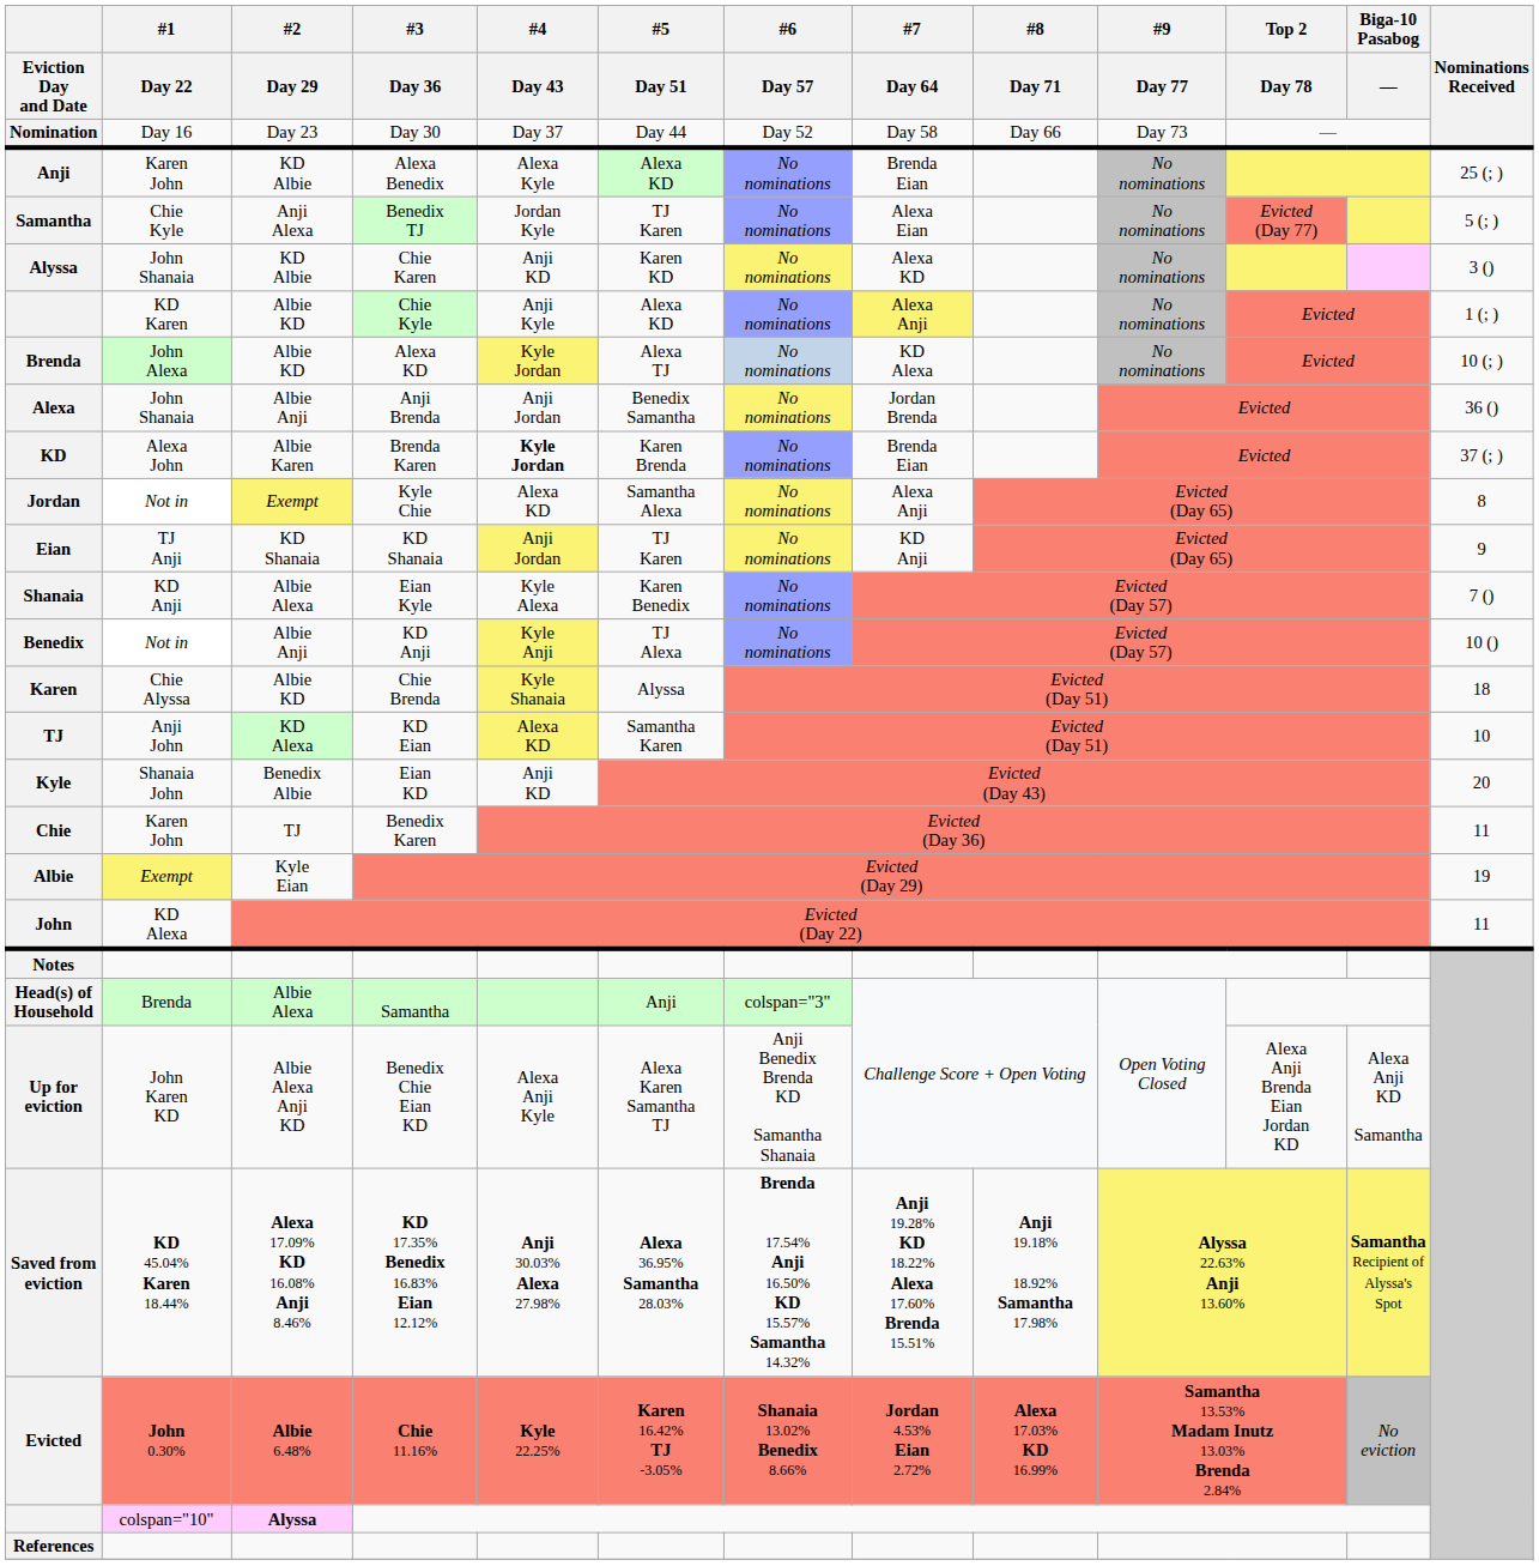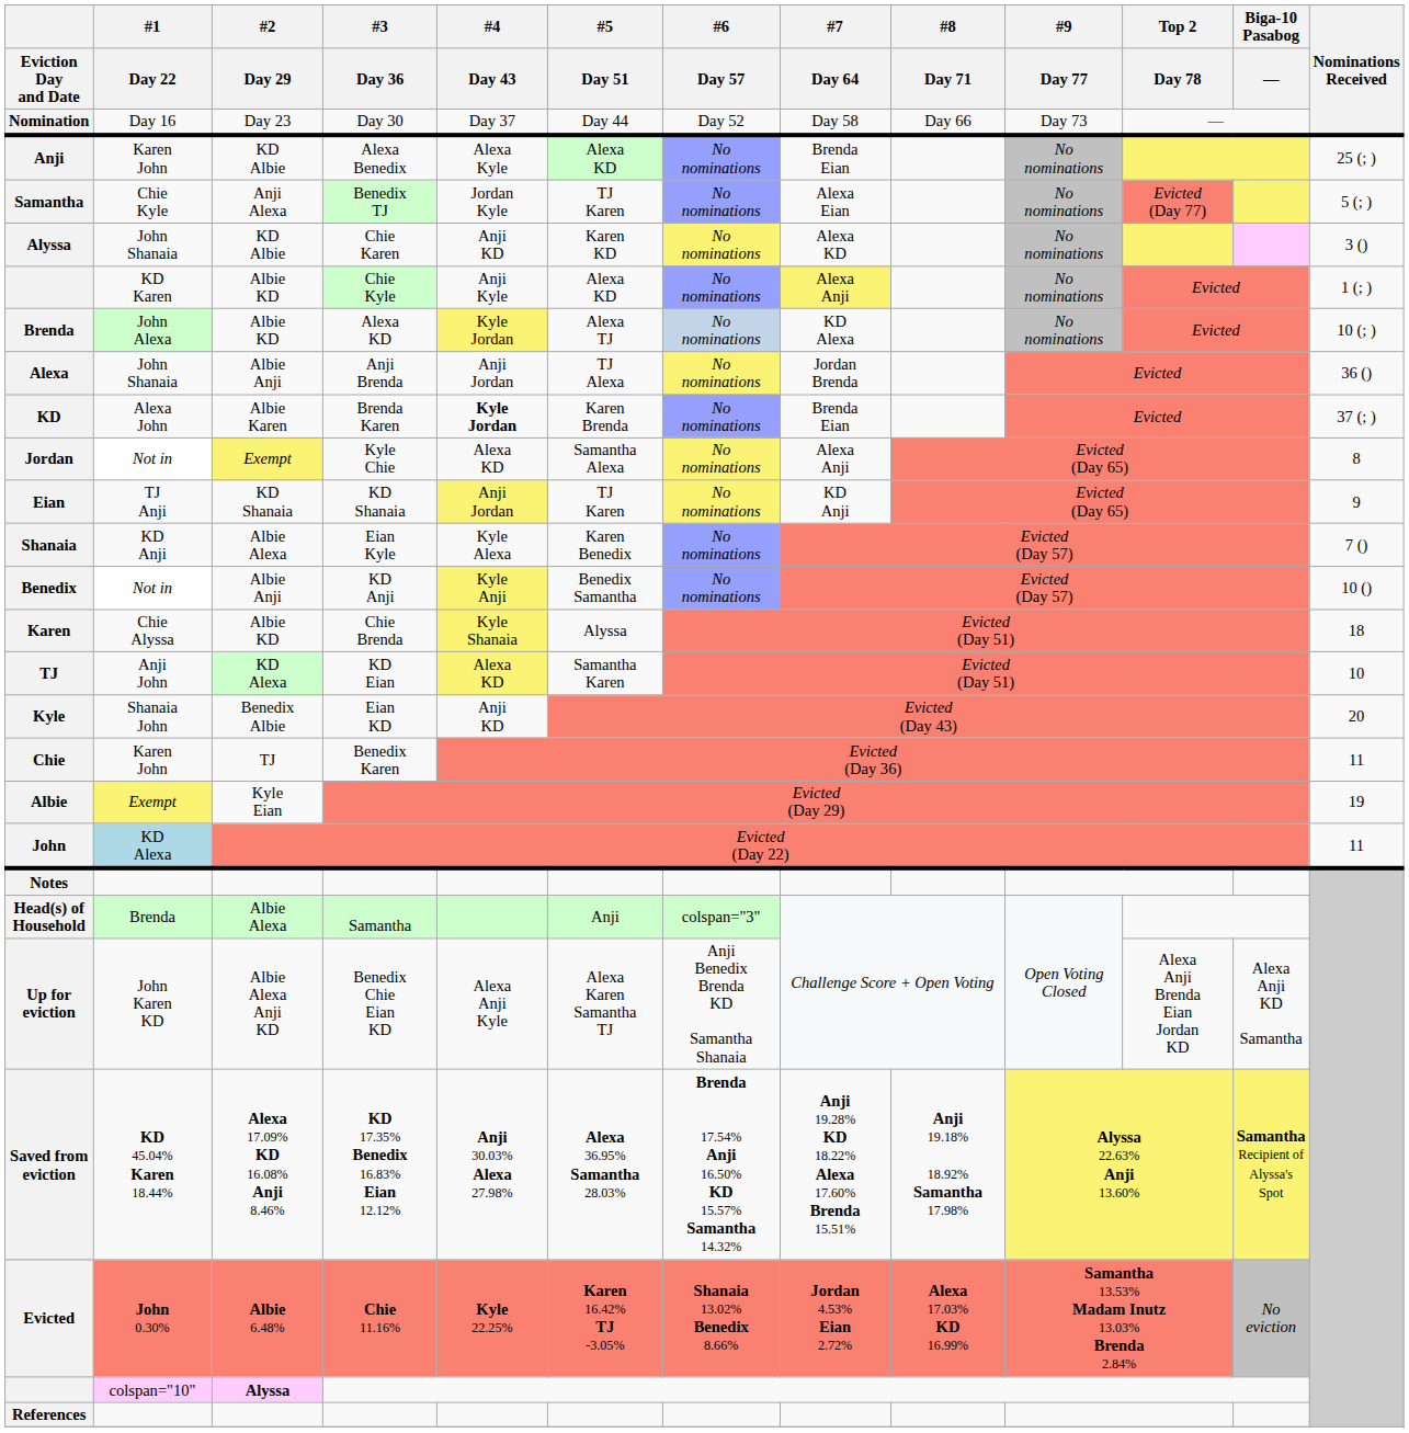 <table class="wikitable" style="width:100%; text-align:center; font-size:90%; line-height:16px;">
 <tr>
 <th width="5%"></th>
 <th width="9%">#1</th>
 <th width="9%">#2</th>
 <th width="9%">#3</th>
 <th width="9%">#4</th>
 <th width="9%">#5</th>
 <th width="9%">#6</th>
 <th width="9%">#7</th>
 <th width="9%">#8</th>
 <th width="9%">#9</th>
 <th width="9%">Top 2</th>
 <th>Biga-10 Pasabog</th>
 <th width="5%" rowspan="3">Nominations<br>Received</th>
 </tr>
 <tr>
 <th>Eviction Day<br>and Date</th>
 <th>Day 22<br><small></small></th>
 <th>Day 29<br><small></small></th>
 <th>Day 36<br><small></small></th>
 <th>Day 43<br><small></small></th>
 <th>Day 51<br><small></small></th>
 <th>Day 57<br><small></small></th>
 <th>Day 64<br><small></small></th>
 <th>Day 71<br><small></small></th>
 <th>Day 77<br><small></small></th>
 <th>Day 78<br><small></small></th>
 <th>—</th>
 </tr>
 <tr>
 <th>Nomination <br></th>
 <td>Day 16<br><small></small></td>
 <td>Day 23<br><small></small></td>
 <td>Day 30<br><small></small></td>
 <td>Day 37<br><small></small></td>
 <td>Day 44<br><small></small></td>
 <td>Day 52<br><small></small></td>
 <td>Day 58<br><small></small></td>
 <td>Day 66<br><small></small></td>
 <td>Day 73<br><small></small></td>
 <td colspan="2">—</td>
 </tr>
 <tr style="border-top: 4px solid;">
 <th>Anji</th>
 <td>Karen<br>John</td>
 <td>KD<br>Albie</td>
 <td>Alexa<br>Benedix</td>
 <td>Alexa<br>Kyle</td>
 <td style="background:#CCFFCC;">Alexa<br>KD</td>
 <td style="background:#959FFD;"><em>No<br>nominations</em></td>
 <td>Brenda<br>Eian</td>
 <td><br></td>
 <td style="background:#C0C0C0;"><em>No<br>nominations</em></td>
 <td colspan="2" style="background:#FBF373;"><strong></strong><br></td>
 <td>25 (; )</td>
 </tr>
 <tr>
 <th>Samantha</th>
 <td>Chie<br>Kyle</td>
 <td>Anji<br>Alexa</td>
 <td style="background:#CCFFCC;">Benedix<br>TJ</td>
 <td>Jordan<br>Kyle</td>
 <td>TJ<br>Karen</td>
 <td style="background:#959FFD;"><em>No<br>nominations</em></td>
 <td>Alexa<br>Eian</td>
 <td><br></td>
 <td style="background:#C0C0C0;"><em>No<br>nominations</em></td>
 <td style="background:#FA8072;"><em>Evicted</em><br>(Day 77)</td>
 <td style="background:#FBF373;"><strong></strong><br></td>
 <td>5 (; )</td>
 </tr>
 <tr>
 <th>Alyssa</th>
 <td>John<br>Shanaia</td>
 <td>KD<br>Albie</td>
 <td>Chie<br>Karen</td>
 <td>Anji<br>KD</td>
 <td>Karen<br>KD</td>
 <td style="background:#FBF373;"><em>No<br>nominations</em></td>
 <td>Alexa<br>KD</td>
 <td><br></td>
 <td style="background:#C0C0C0;"><em>No<br>nominations</em></td>
 <td style="background:#FBF373;"><strong></strong><br></td>
 <td style="background:#FFCCFF;"><em></em><br></td>
 <td>3 ()</td>
 </tr>
 <tr>
 <th></th>
 <td>KD<br>Karen</td>
 <td>Albie<br>KD</td>
 <td style="background:#CCFFCC;">Chie<br>Kyle</td>
 <td>Anji<br>Kyle</td>
 <td>Alexa<br>KD</td>
 <td style="background:#959FFD;"><em>No<br>nominations</em></td>
 <td style="background:#FBF373;">Alexa<br>Anji</td>
 <td><br></td>
 <td style="background:#C0C0C0;"><em>No<br>nominations</em></td>
 <td colspan="2" style="background:#FA8072"><em>Evicted</em><br></td>
 <td>1 (; )</td>
 </tr>
 <tr>
 <th>Brenda</th>
 <td style="background:#CCFFCC;">John<br>Alexa</td>
 <td>Albie<br>KD</td>
 <td>Alexa<br>KD</td>
 <td style="background:#FBF373;">Kyle<br>Jordan</td>
 <td>Alexa<br>TJ</td>
 <td style="background:#C2D5E8;"><em>No<br>nominations</em></td>
 <td>KD<br>Alexa</td>
 <td><br></td>
 <td style="background:#C0C0C0;"><em>No<br>nominations</em></td>
 <td colspan="2" style="background:#FA8072"><em>Evicted</em><br></td>
 <td>10 (; )</td>
 </tr>
 <tr>
 <th>Alexa</th>
 <td>John<br>Shanaia</td>
 <td>Albie<br>Anji</td>
 <td>Anji<br>Brenda</td>
 <td>Anji<br>Jordan</td>
-<td>Benedix<br>Samantha</td>
+<td>TJ<br>Alexa</td>
 <td style="background:#FBF373;"><em>No<br>nominations</em></td>
 <td>Jordan<br>Brenda</td>
 <td><br></td>
 <td colspan="3" style="background:#FA8072"><em>Evicted</em><br></td>
 <td>36 ()</td>
 </tr>
 <tr>
 <th>KD</th>
 <td>Alexa<br>John</td>
 <td>Albie<br>Karen</td>
 <td>Brenda<br>Karen</td>
 <td><strong>Kyle<br>Jordan</strong></td>
 <td>Karen<br>Brenda</td>
 <td style="background:#959FFD;"><em>No<br>nominations</em></td>
 <td>Brenda<br>Eian</td>
 <td><br></td>
 <td colspan="3" style="background:#FA8072"><em>Evicted</em><br></td>
 <td>37 (; )</td>
 </tr>
 <tr>
 <th>Jordan</th>
 <td style="background:white"><em>Not in<br></em></td>
 <td style="background:#FBF373;"><em>Exempt</em></td>
 <td>Kyle<br>Chie</td>
 <td>Alexa<br>KD</td>
 <td>Samantha<br>Alexa</td>
 <td style="background:#FBF373;"><em>No<br>nominations</em></td>
 <td>Alexa<br>Anji</td>
 <td colspan="4" style="background:#FA8072"><em>Evicted</em><br>(Day 65)</td>
 <td>8</td>
 </tr>
 <tr>
 <th>Eian</th>
 <td>TJ<br>Anji</td>
 <td>KD<br>Shanaia</td>
 <td>KD<br>Shanaia</td>
 <td style="background:#FBF373;">Anji<br>Jordan</td>
 <td>TJ<br>Karen</td>
 <td style="background:#FBF373;"><em>No<br>nominations</em></td>
 <td>KD<br>Anji</td>
 <td colspan="4" style="background:#FA8072"><em>Evicted</em><br>(Day 65)</td>
 <td>9</td>
 </tr>
 <tr>
 <th>Shanaia</th>
 <td>KD<br>Anji</td>
 <td>Albie<br>Alexa</td>
 <td>Eian<br>Kyle</td>
 <td>Kyle<br>Alexa</td>
 <td>Karen<br>Benedix</td>
 <td style="background:#959FFD;"><em>No<br>nominations</em></td>
 <td colspan="5" style="background:#FA8072"><em>Evicted</em><br>(Day 57)</td>
 <td>7 ()</td>
 </tr>
 <tr>
 <th>Benedix</th>
 <td style="background:white"><em>Not in<br></em></td>
 <td>Albie<br>Anji</td>
 <td>KD<br>Anji</td>
 <td style="background:#FBF373;">Kyle<br>Anji</td>
-<td>TJ<br>Alexa</td>
+<td>Benedix<br>Samantha</td>
 <td style="background:#959FFD;"><em>No<br>nominations</em></td>
 <td colspan="5" style="background:#FA8072"><em>Evicted</em><br>(Day 57)</td>
 <td>10 ()</td>
 </tr>
 <tr>
 <th>Karen</th>
 <td>Chie<br>Alyssa</td>
 <td>Albie<br>KD</td>
 <td>Chie<br>Brenda</td>
 <td style="background:#FBF373;">Kyle<br>Shanaia</td>
 <td>Alyssa<br></td>
 <td colspan="6" style="background:#FA8072"><em>Evicted</em><br>(Day 51)</td>
 <td>18</td>
 </tr>
 <tr>
 <th>TJ</th>
 <td>Anji<br>John</td>
 <td style="background:#CCFFCC;">KD<br>Alexa</td>
 <td>KD<br>Eian</td>
 <td style="background:#FBF373;">Alexa<br>KD</td>
 <td>Samantha<br>Karen</td>
 <td colspan="6" style="background:#FA8072"><em>Evicted</em><br>(Day 51)</td>
 <td>10</td>
 </tr>
 <tr Brenda>
 <th>Kyle</th>
 <td>Shanaia<br>John</td>
 <td>Benedix<br>Albie</td>
 <td>Eian<br>KD</td>
 <td>Anji<br>KD</td>
 <td colspan="7" style="background:#FA8072"><em>Evicted</em><br>(Day 43)</td>
 <td>20</td>
 </tr>
 <tr>
 <th>Chie</th>
 <td>Karen<br>John</td>
 <td>TJ</td>
 <td>Benedix<br>Karen</td>
 <td colspan="8" style="background:#FA8072"><em>Evicted</em><br>(Day 36)</td>
 <td>11</td>
 </tr>
 <tr>
 <th>Albie</th>
 <td style="background:#FBF373;"><em>Exempt</em></td>
 <td>Kyle<br>Eian</td>
 <td colspan="9" style="background:#FA8072"><em>Evicted</em><br>(Day 29)</td>
 <td>19</td>
 </tr>
 <tr>
 <th>John</th>
-<td>KD<br>Alexa</td>
+<td style="background: lightblue;">KD<br>Alexa</td>
 <td colspan="10" style="background:#FA8072"><em>Evicted</em><br>(Day 22)</td>
 <td>11</td>
 </tr>
 <tr style="border-top: 4px solid;">
 <th>Notes</th>
 <td></td>
 <td></td>
 <td></td>
 <td></td>
 <td></td>
 <td>  </td>
 <td>   </td>
 <td>  </td>
 <td colspan="2"></td>
 <td></td>
 <td rowspan="10" style="background:#CCCCCC"></td>
 </tr>
 <tr style="background:#CCFFCC;">
 <th>Head(s) of<br>Household</th>
 <td>Brenda</td>
 <td>Albie<br>Alexa</td>
 <td><br>Samantha</td>
 <td></td>
 <td>Anji</td>
 <td>colspan="3" </td>
 <td colspan="2" rowspan="2" style="background:#F8F9FA"><em>Challenge Score + Open Voting</em></td>
 <td rowspan="2" style="background:#F8F9FA"><em>Open Voting Closed</em></td>
 </tr>
 <tr>
 <th>Up for eviction</th>
 <td>John<br>Karen<br>KD</td>
 <td>Albie<br>Alexa<br>Anji<br>KD</td>
 <td>Benedix<br>Chie<br>Eian<br>KD</td>
 <td>Alexa<br>Anji<br>Kyle</td>
 <td>Alexa<br>Karen<br>Samantha<br>TJ</td>
 <td>Anji<br>Benedix<br>Brenda<br>KD<br><br>Samantha<br>Shanaia</td>
 <td>Alexa<br>Anji<br>Brenda<br>Eian<br>Jordan<br>KD<br></td>
 <td>Alexa<br>Anji<br>KD<br><br>Samantha</td>
 </tr>
 <tr>
 <th>Saved from eviction</th>
 <td><strong>KD</strong><br><small>45.04%</small><br><strong>Karen</strong><br><small>18.44%</small></td>
 <td><strong>Alexa</strong><br><small>17.09%</small><br> <strong>KD</strong><br><small>16.08%</small><br> <strong>Anji</strong><br><small>8.46%</small></td>
 <td><strong>KD</strong><br><small>17.35%</small><br> <strong>Benedix</strong><br><small>16.83%</small><br> <strong>Eian</strong><br><small>12.12%</small></td>
 <td><strong>Anji</strong><br><small>30.03%</small><br><strong>Alexa</strong><br><small>27.98%</small></td>
 <td><strong>Alexa</strong><br><small>36.95%</small><br><strong>Samantha</strong><br><small>28.03%</small></td>
 <td><strong>Brenda</strong><br><small></small><br><strong></strong><br><small>17.54%</small><br><strong>Anji</strong><br><small>16.50%</small><br><strong>KD</strong><br><small>15.57%</small><br><strong>Samantha</strong><br><small>14.32%</small></td>
 <td><strong>Anji</strong><br><small>19.28%</small><br><strong>KD</strong><br><small>18.22%</small><br><strong>Alexa</strong><br><small>17.60%</small><br><strong>Brenda</strong><br><small>15.51%</small></td>
 <td><strong>Anji</strong><br><small>19.18%</small><br><strong></strong><br><small>18.92%</small><br><strong>Samantha</strong><br><small>17.98%</small></td>
 <td colspan="2" style="background:#FBF373;"><strong>Alyssa</strong><br><small>22.63%</small><br><strong>Anji</strong><br><small>13.60%</small></td>
 <td style="background:#FBF373;"><strong>Samantha</strong><br><small>Recipient of Alyssa's Spot</small></td>
 </tr>
 <tr style="background:#FA8072">
 <th>Evicted</th>
 <td><strong>John</strong><br><small>0.30%</small></td>
 <td><strong>Albie</strong><br><small>6.48%</small><br></td>
 <td><strong>Chie</strong><br><small>11.16%</small><br></td>
 <td><strong>Kyle</strong><br><small>22.25%</small><br></td>
 <td><strong>Karen</strong><br><small>16.42%</small><br><strong>TJ</strong><br><small>-3.05%</small></td>
 <td><strong>Shanaia</strong><br><small>13.02%</small><br><strong>Benedix</strong><br><small>8.66%</small></td>
 <td><strong>Jordan</strong><br><small>4.53%</small><br><strong>Eian</strong><br><small>2.72%</small></td>
 <td><strong>Alexa</strong><br><small>17.03%</small><br><strong>KD</strong><br><small>16.99%</small><br></td>
 <td colspan="2"><strong>Samantha</strong><br><small>13.53%</small><br><strong>Madam Inutz</strong><br><small>13.03%</small><br><strong>Brenda</strong><br><small>2.84%</small></td>
 <td style="background:#c0c0c0;"><em>No eviction</em></td>
 </tr>
 <tr style="background:#FFCCFF;">
 <th></th>
 <td>colspan="10" </td>
 <td><strong>Alyssa</strong></td>
 </tr>
 <tr>
 <th>References</th>
 <td></td>
 <td></td>
 <td></td>
 <td></td>
 <td></td>
 <td></td>
 <td></td>
 <td></td>
 <td colspan="2"></td>
 <td></td>
 </tr>
 <tr>
 </tr>
 </table>
